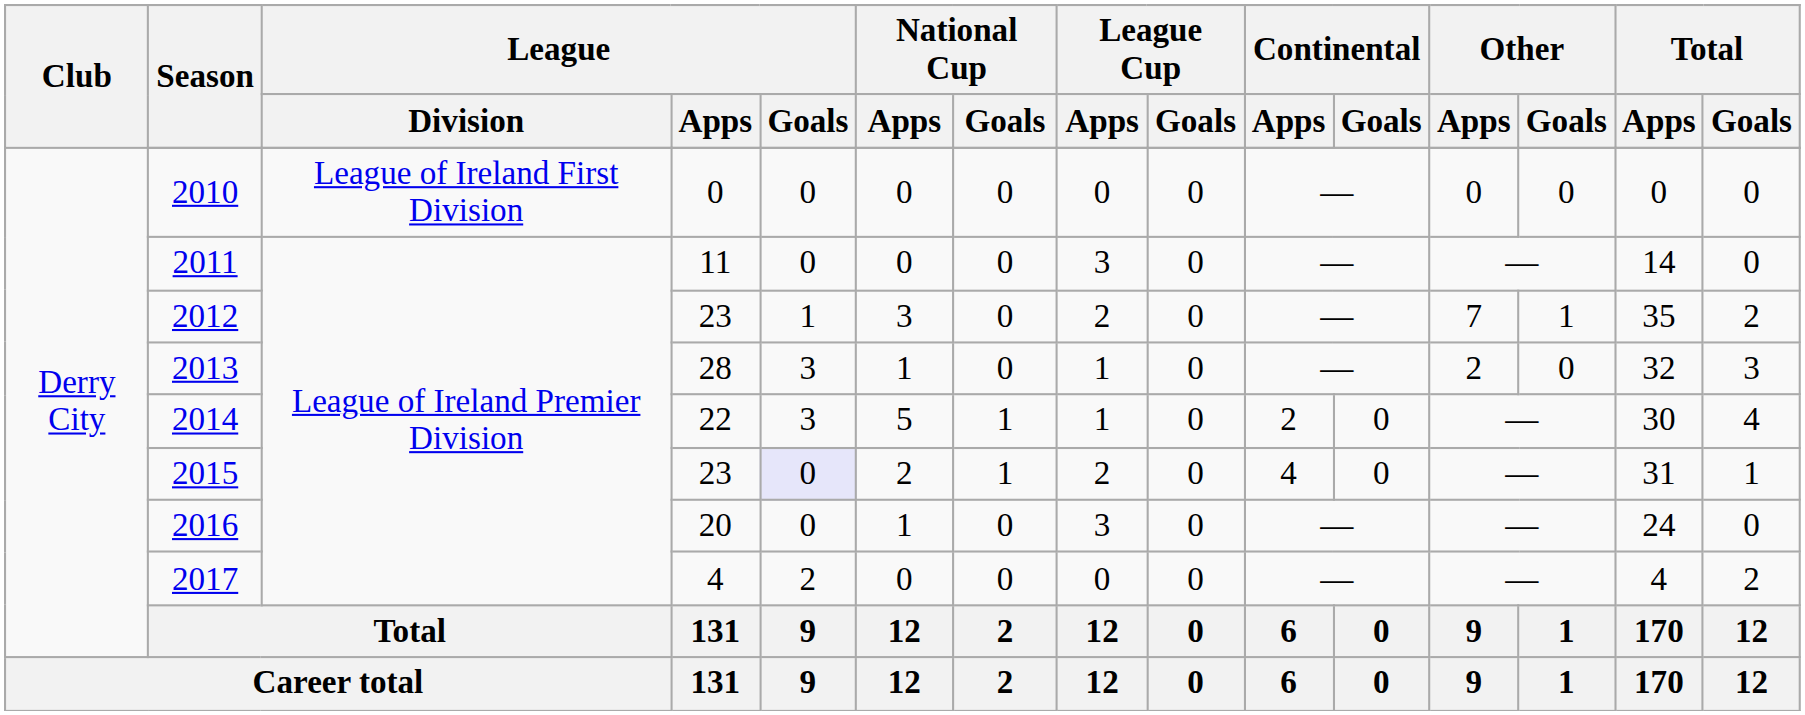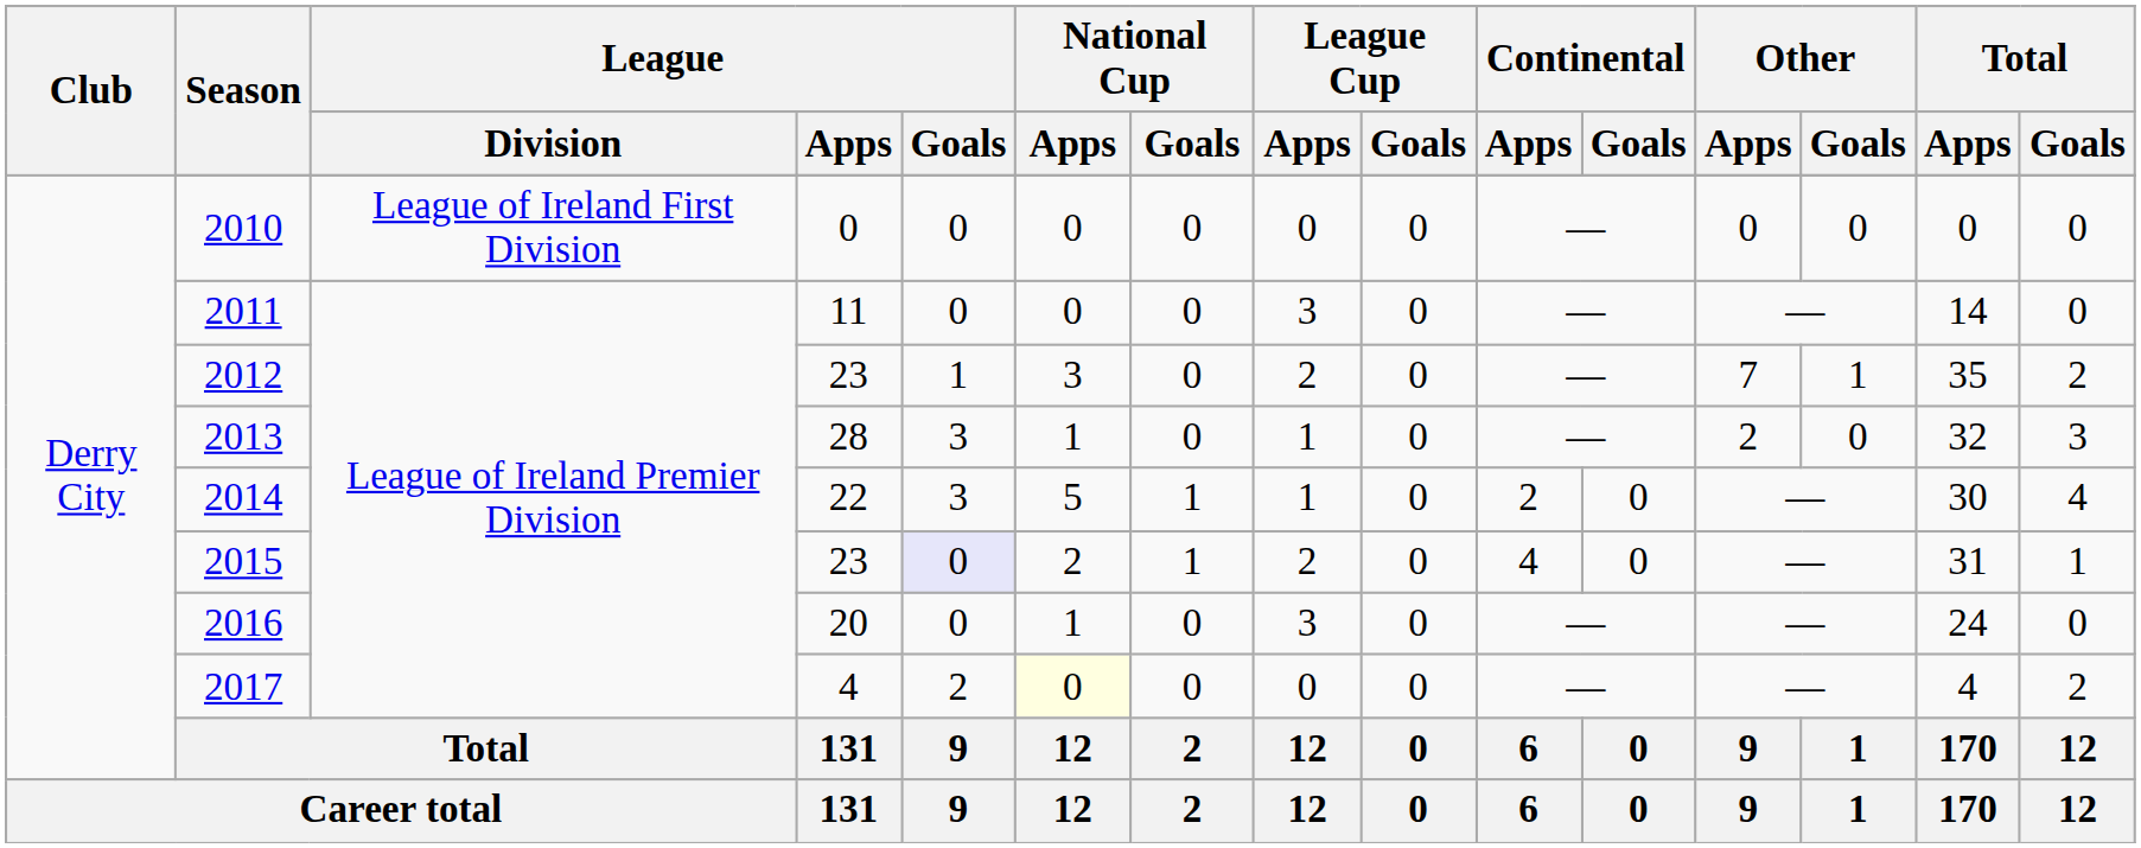 <table class="wikitable" style="text-align: center;">
 <tr>
 <th rowspan="2">Club</th>
 <th rowspan="2">Season</th>
 <th colspan="3">League</th>
 <th colspan="2">National Cup</th>
 <th colspan="2">League Cup</th>
 <th colspan="2">Continental</th>
 <th colspan="2">Other</th>
 <th colspan="2">Total</th>
 </tr>
 <tr>
 <th>Division</th>
 <th>Apps</th>
 <th>Goals</th>
 <th>Apps</th>
 <th>Goals</th>
 <th>Apps</th>
 <th>Goals</th>
 <th>Apps</th>
 <th>Goals</th>
 <th>Apps</th>
 <th>Goals</th>
 <th>Apps</th>
 <th>Goals</th>
 </tr>
 <tr>
 <td rowspan="10" valign="center"><a href='#'>Derry City</a></td>
 </tr>
 <tr>
 <td><a href='#'>2010</a></td>
 <td><a href='#'>League of Ireland First Division</a></td>
 <td>0</td>
 <td>0</td>
 <td>0</td>
 <td>0</td>
 <td>0</td>
 <td>0</td>
 <td colspan="2">—</td>
 <td>0</td>
 <td>0</td>
 <td>0</td>
 <td>0</td>
 </tr>
 <tr>
 <td><a href='#'>2011</a></td>
 <td rowspan="7" valign="center"><a href='#'>League of Ireland Premier Division</a></td>
 <td>11</td>
 <td>0</td>
 <td>0</td>
 <td>0</td>
 <td>3</td>
 <td>0</td>
 <td colspan="2">—</td>
 <td colspan="2">—</td>
 <td>14</td>
 <td>0</td>
 </tr>
 <tr>
 <td><a href='#'>2012</a></td>
 <td>23</td>
 <td>1</td>
 <td>3</td>
 <td>0</td>
 <td>2</td>
 <td>0</td>
 <td colspan="2">—</td>
 <td>7</td>
 <td>1</td>
 <td>35</td>
 <td>2</td>
 </tr>
 <tr>
 <td><a href='#'>2013</a></td>
 <td>28</td>
 <td>3</td>
 <td>1</td>
 <td>0</td>
 <td>1</td>
 <td>0</td>
 <td colspan="2">—</td>
 <td>2</td>
 <td>0</td>
 <td>32</td>
 <td>3</td>
 </tr>
 <tr>
 <td><a href='#'>2014</a></td>
 <td>22</td>
 <td>3</td>
 <td>5</td>
 <td>1</td>
 <td>1</td>
 <td>0</td>
 <td>2</td>
 <td>0</td>
 <td colspan="2">—</td>
 <td>30</td>
 <td>4</td>
 </tr>
 <tr>
 <td><a href='#'>2015</a></td>
 <td>23</td>
 <td style="background: lavender;">0</td>
 <td>2</td>
 <td>1</td>
 <td>2</td>
 <td>0</td>
 <td>4</td>
 <td>0</td>
 <td colspan="2">—</td>
 <td>31</td>
 <td>1</td>
 </tr>
 <tr>
 <td><a href='#'>2016</a></td>
 <td>20</td>
 <td>0</td>
 <td>1</td>
 <td>0</td>
 <td>3</td>
 <td>0</td>
 <td colspan="2">—</td>
 <td colspan="2">—</td>
 <td>24</td>
 <td>0</td>
 </tr>
 <tr>
 <td><a href='#'>2017</a></td>
 <td>4</td>
 <td>2</td>
-<td>0</td>
+<td style="background: lightyellow;">0</td>
 <td>0</td>
 <td>0</td>
 <td>0</td>
 <td colspan="2">—</td>
 <td colspan="2">—</td>
 <td>4</td>
 <td>2</td>
 </tr>
 <tr>
 <th colspan="2">Total</th>
 <th>131</th>
 <th>9</th>
 <th>12</th>
 <th>2</th>
 <th>12</th>
 <th>0</th>
 <th>6</th>
 <th>0</th>
 <th>9</th>
 <th>1</th>
 <th>170</th>
 <th>12</th>
 </tr>
 <tr>
 <th colspan="3">Career total</th>
 <th>131</th>
 <th>9</th>
 <th>12</th>
 <th>2</th>
 <th>12</th>
 <th>0</th>
 <th>6</th>
 <th>0</th>
 <th>9</th>
 <th>1</th>
 <th>170</th>
 <th>12</th>
 </tr>
 </table>
